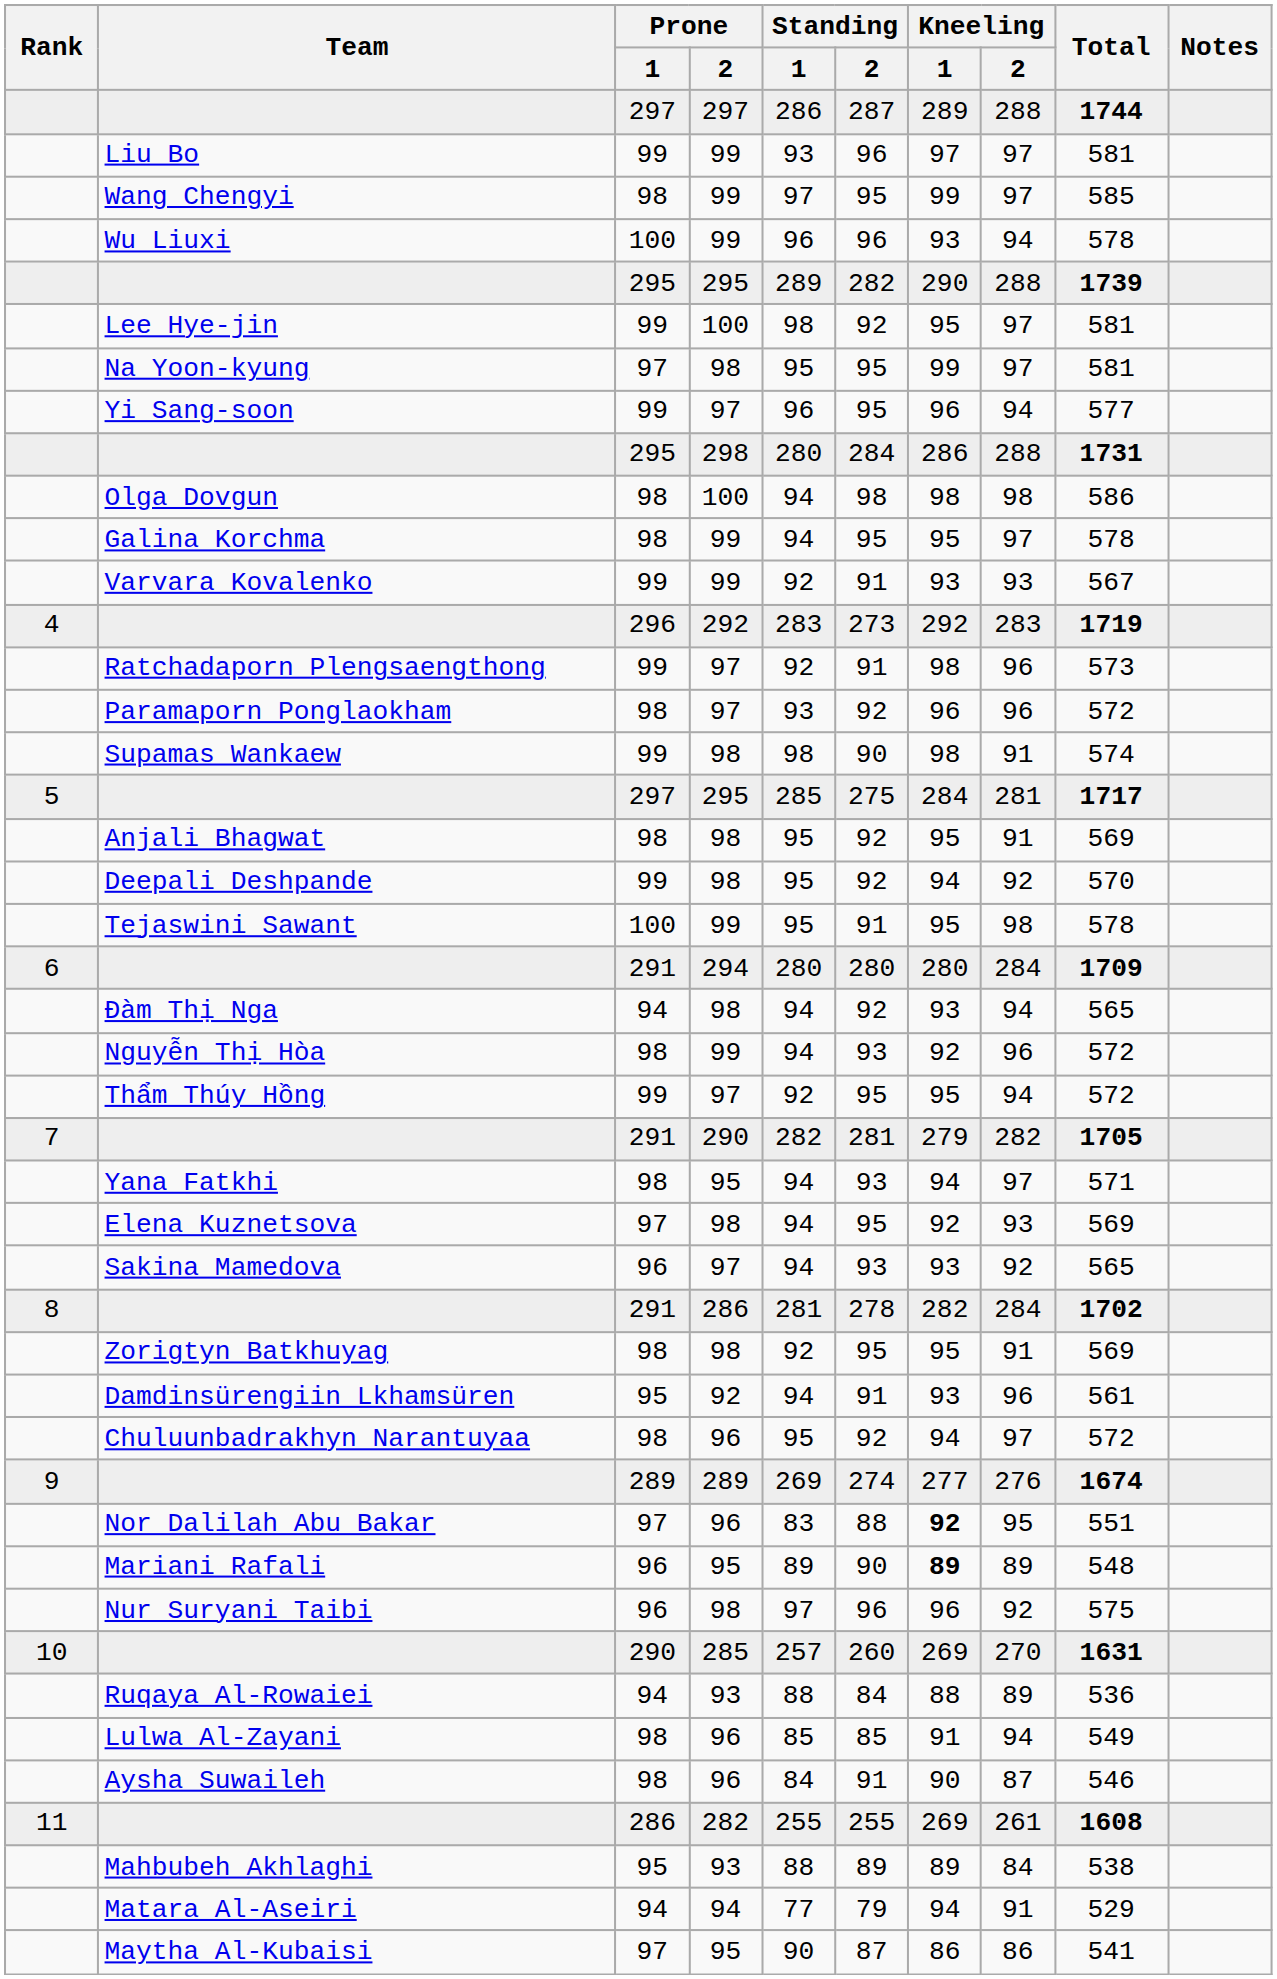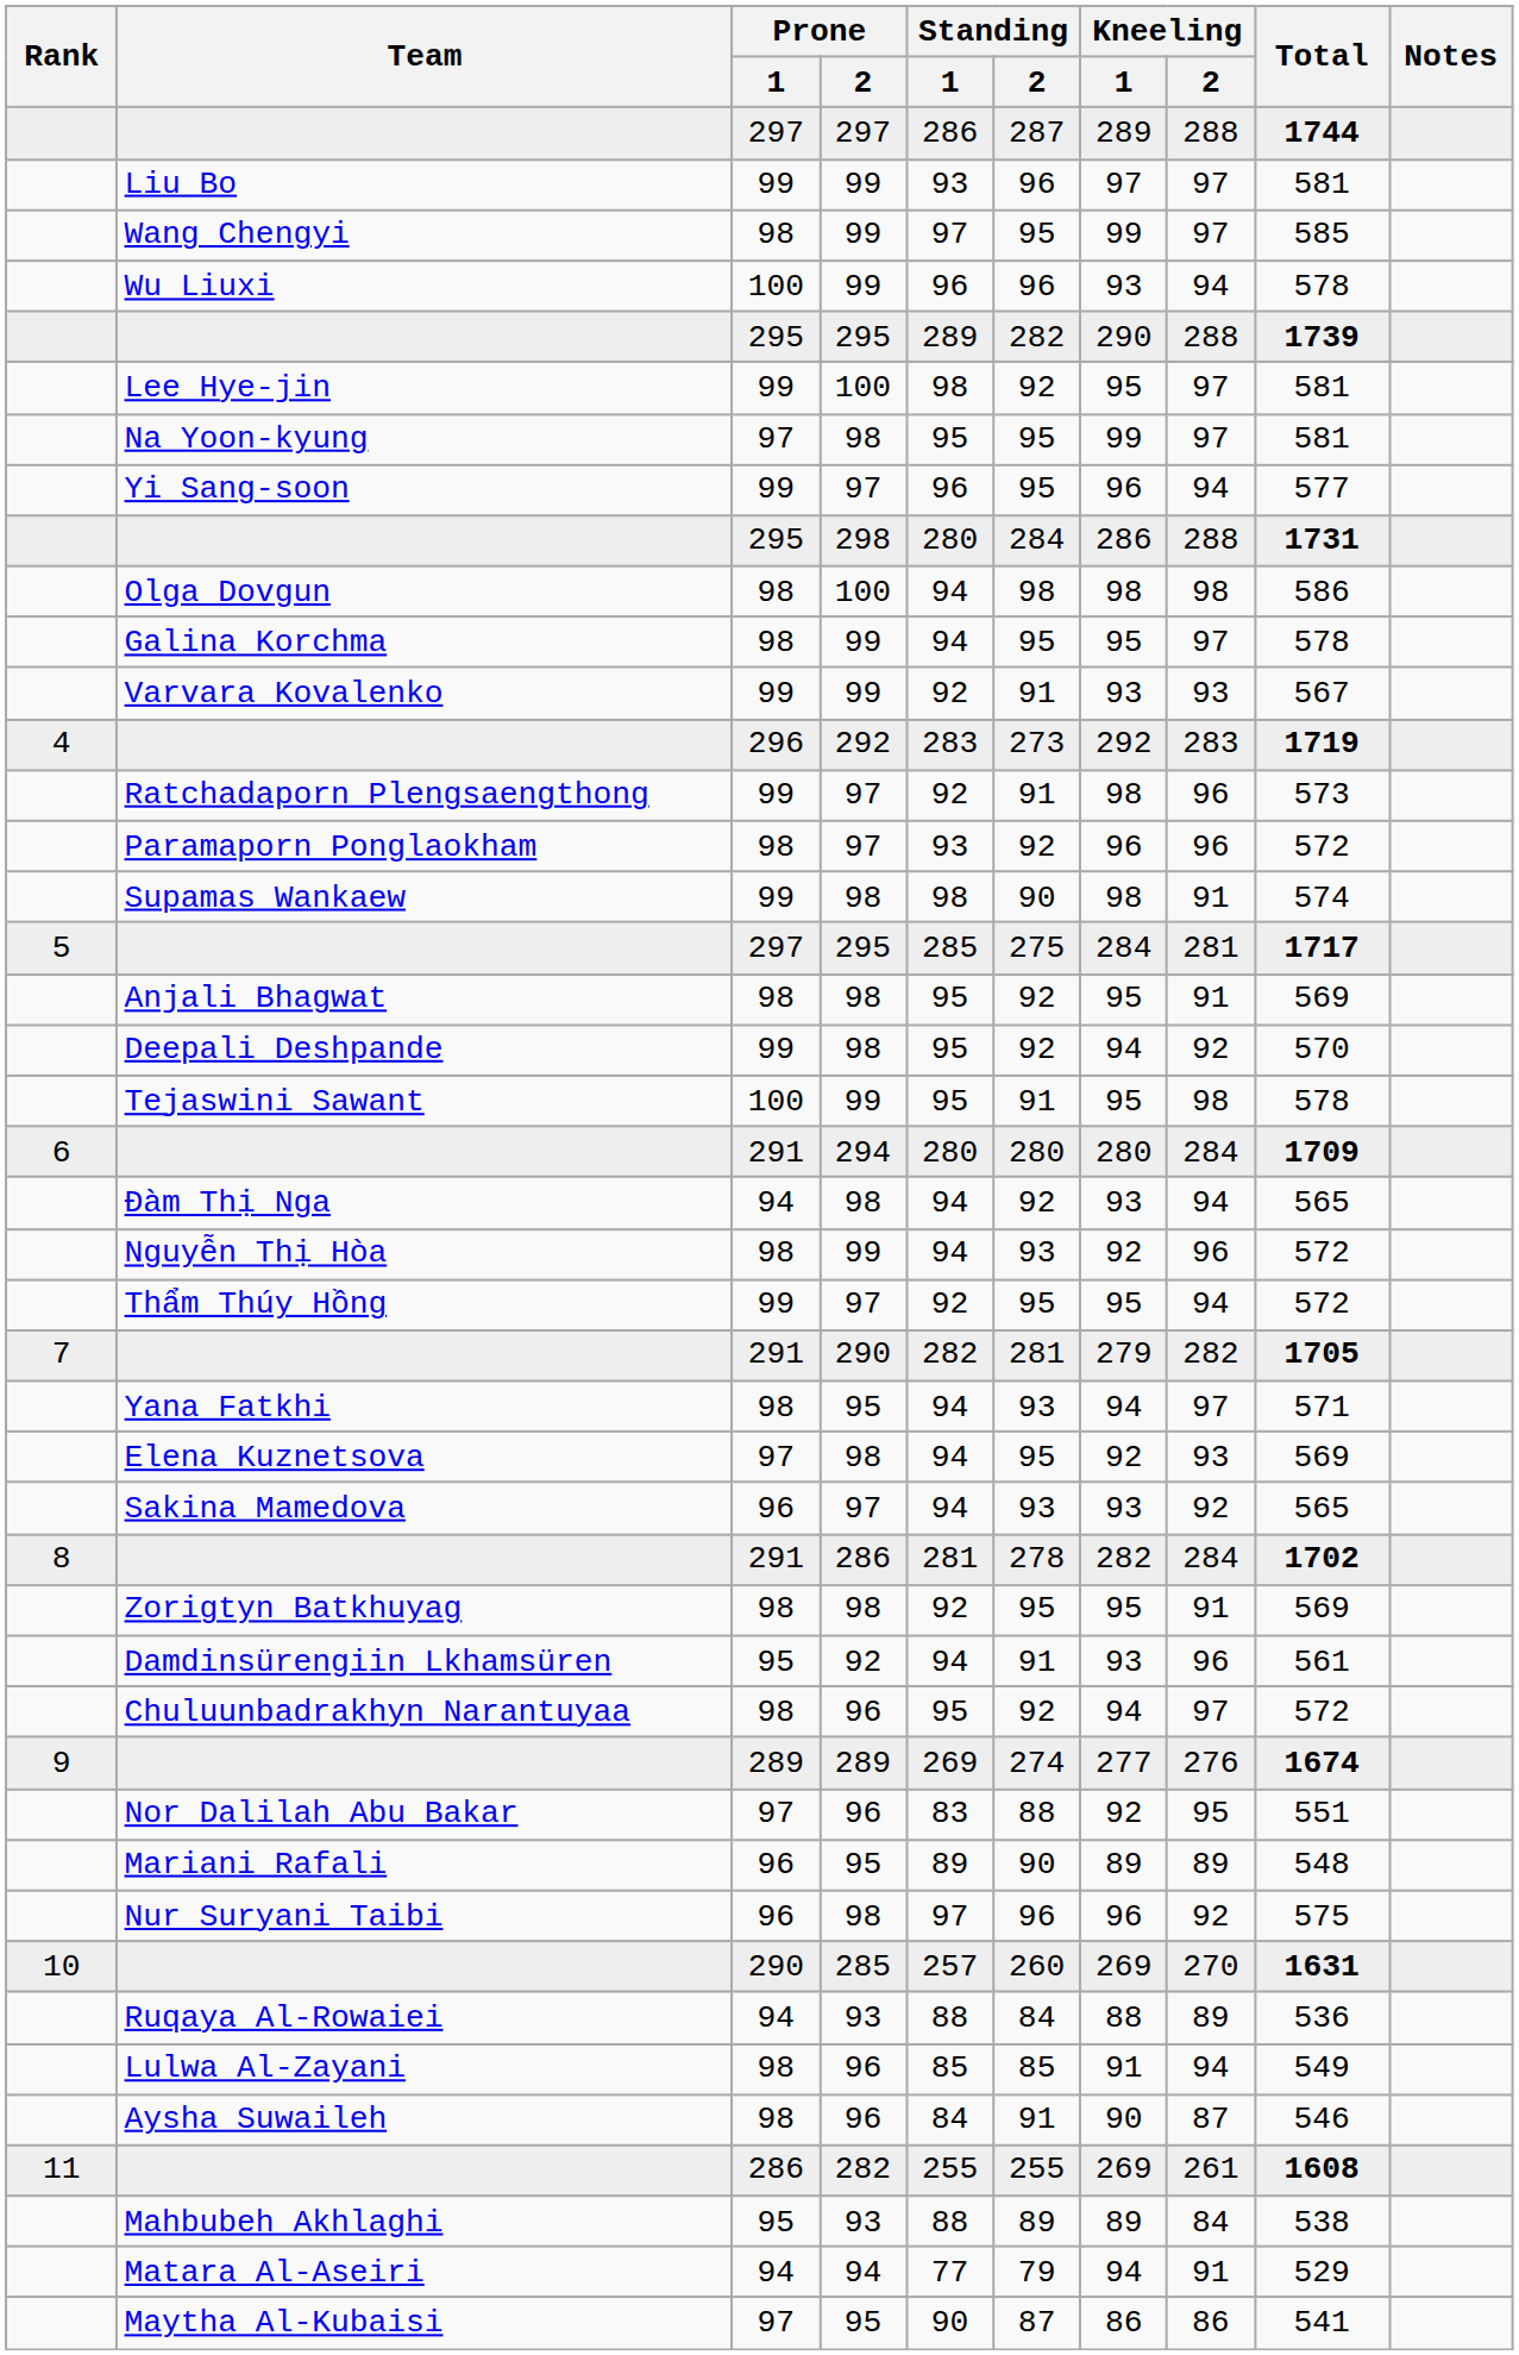 <table class="wikitable" style="text-align:center">
 <tr>
 <th rowspan=2 width=40>Rank</th>
 <th rowspan=2 width=250>Team</th>
 <th colspan=2>Prone</th>
 <th colspan=2>Standing</th>
 <th colspan=2>Kneeling</th>
 <th rowspan=2 width=50>Total</th>
 <th rowspan=2 width=45>Notes</th>
 </tr>
 <tr>
 <th width=30>1</th>
 <th width=30>2</th>
 <th width=30>1</th>
 <th width=30>2</th>
 <th width=30>1</th>
 <th width=30>2</th>
 </tr>
 <tr bgcolor=eeeeee>
 <td></td>
 <td align=left></td>
 <td>297</td>
 <td>297</td>
 <td>286</td>
 <td>287</td>
 <td>289</td>
 <td>288</td>
 <td><strong>1744</strong></td>
 <td></td>
 </tr>
 <tr>
 <td></td>
 <td align=left><a href='#'>Liu Bo</a></td>
 <td>99</td>
 <td>99</td>
 <td>93</td>
 <td>96</td>
 <td>97</td>
 <td>97</td>
 <td>581</td>
 <td></td>
 </tr>
 <tr>
 <td></td>
 <td align=left><a href='#'>Wang Chengyi</a></td>
 <td>98</td>
 <td>99</td>
 <td>97</td>
 <td>95</td>
 <td>99</td>
 <td>97</td>
 <td>585</td>
 <td></td>
 </tr>
 <tr>
 <td></td>
 <td align=left><a href='#'>Wu Liuxi</a></td>
 <td>100</td>
 <td>99</td>
 <td>96</td>
 <td>96</td>
 <td>93</td>
 <td>94</td>
 <td>578</td>
 <td></td>
 </tr>
 <tr bgcolor=eeeeee>
 <td></td>
 <td align=left></td>
 <td>295</td>
 <td>295</td>
 <td>289</td>
 <td>282</td>
 <td>290</td>
 <td>288</td>
 <td><strong>1739</strong></td>
 <td></td>
 </tr>
 <tr>
 <td></td>
 <td align=left><a href='#'>Lee Hye-jin</a></td>
 <td>99</td>
 <td>100</td>
 <td>98</td>
 <td>92</td>
 <td>95</td>
 <td>97</td>
 <td>581</td>
 <td></td>
 </tr>
 <tr>
 <td></td>
 <td align=left><a href='#'>Na Yoon-kyung</a></td>
 <td>97</td>
 <td>98</td>
 <td>95</td>
 <td>95</td>
 <td>99</td>
 <td>97</td>
 <td>581</td>
 <td></td>
 </tr>
 <tr>
 <td></td>
 <td align=left><a href='#'>Yi Sang-soon</a></td>
 <td>99</td>
 <td>97</td>
 <td>96</td>
 <td>95</td>
 <td>96</td>
 <td>94</td>
 <td>577</td>
 <td></td>
 </tr>
 <tr bgcolor=eeeeee>
 <td></td>
 <td align=left></td>
 <td>295</td>
 <td>298</td>
 <td>280</td>
 <td>284</td>
 <td>286</td>
 <td>288</td>
 <td><strong>1731</strong></td>
 <td></td>
 </tr>
 <tr>
 <td></td>
 <td align=left><a href='#'>Olga Dovgun</a></td>
 <td>98</td>
 <td>100</td>
 <td>94</td>
 <td>98</td>
 <td>98</td>
 <td>98</td>
 <td>586</td>
 <td></td>
 </tr>
 <tr>
 <td></td>
 <td align=left><a href='#'>Galina Korchma</a></td>
 <td>98</td>
 <td>99</td>
 <td>94</td>
 <td>95</td>
 <td>95</td>
 <td>97</td>
 <td>578</td>
 <td></td>
 </tr>
 <tr>
 <td></td>
 <td align=left><a href='#'>Varvara Kovalenko</a></td>
 <td>99</td>
 <td>99</td>
 <td>92</td>
 <td>91</td>
 <td>93</td>
 <td>93</td>
 <td>567</td>
 <td></td>
 </tr>
 <tr bgcolor=eeeeee>
 <td>4</td>
 <td align=left></td>
 <td>296</td>
 <td>292</td>
 <td>283</td>
 <td>273</td>
 <td>292</td>
 <td>283</td>
 <td><strong>1719</strong></td>
 <td></td>
 </tr>
 <tr>
 <td></td>
 <td align=left><a href='#'>Ratchadaporn Plengsaengthong</a></td>
 <td>99</td>
 <td>97</td>
 <td>92</td>
 <td>91</td>
 <td>98</td>
 <td>96</td>
 <td>573</td>
 <td></td>
 </tr>
 <tr>
 <td></td>
 <td align=left><a href='#'>Paramaporn Ponglaokham</a></td>
 <td>98</td>
 <td>97</td>
 <td>93</td>
 <td>92</td>
 <td>96</td>
 <td>96</td>
 <td>572</td>
 <td></td>
 </tr>
 <tr>
 <td></td>
 <td align=left><a href='#'>Supamas Wankaew</a></td>
 <td>99</td>
 <td>98</td>
 <td>98</td>
 <td>90</td>
 <td>98</td>
 <td>91</td>
 <td>574</td>
 <td></td>
 </tr>
 <tr bgcolor=eeeeee>
 <td>5</td>
 <td align=left></td>
 <td>297</td>
 <td>295</td>
 <td>285</td>
 <td>275</td>
 <td>284</td>
 <td>281</td>
 <td><strong>1717</strong></td>
 <td></td>
 </tr>
 <tr>
 <td></td>
 <td align=left><a href='#'>Anjali Bhagwat</a></td>
 <td>98</td>
 <td>98</td>
 <td>95</td>
 <td>92</td>
 <td>95</td>
 <td>91</td>
 <td>569</td>
 <td></td>
 </tr>
 <tr>
 <td></td>
 <td align=left><a href='#'>Deepali Deshpande</a></td>
 <td>99</td>
 <td>98</td>
 <td>95</td>
 <td>92</td>
 <td>94</td>
 <td>92</td>
 <td>570</td>
 <td></td>
 </tr>
 <tr>
 <td></td>
 <td align=left><a href='#'>Tejaswini Sawant</a></td>
 <td>100</td>
 <td>99</td>
 <td>95</td>
 <td>91</td>
 <td>95</td>
 <td>98</td>
 <td>578</td>
 <td></td>
 </tr>
 <tr bgcolor=eeeeee>
 <td>6</td>
 <td align=left></td>
 <td>291</td>
 <td>294</td>
 <td>280</td>
 <td>280</td>
 <td>280</td>
 <td>284</td>
 <td><strong>1709</strong></td>
 <td></td>
 </tr>
 <tr>
 <td></td>
 <td align=left><a href='#'>Đàm Thị Nga</a></td>
 <td>94</td>
 <td>98</td>
 <td>94</td>
 <td>92</td>
 <td>93</td>
 <td>94</td>
 <td>565</td>
 <td></td>
 </tr>
 <tr>
 <td></td>
 <td align=left><a href='#'>Nguyễn Thị Hòa</a></td>
 <td>98</td>
 <td>99</td>
 <td>94</td>
 <td>93</td>
 <td>92</td>
 <td>96</td>
 <td>572</td>
 <td></td>
 </tr>
 <tr>
 <td></td>
 <td align=left><a href='#'>Thẩm Thúy Hồng</a></td>
 <td>99</td>
 <td>97</td>
 <td>92</td>
 <td>95</td>
 <td>95</td>
 <td>94</td>
 <td>572</td>
 <td></td>
 </tr>
 <tr bgcolor=eeeeee>
 <td>7</td>
 <td align=left></td>
 <td>291</td>
 <td>290</td>
 <td>282</td>
 <td>281</td>
 <td>279</td>
 <td>282</td>
 <td><strong>1705</strong></td>
 <td></td>
 </tr>
 <tr>
 <td></td>
 <td align=left><a href='#'>Yana Fatkhi</a></td>
 <td>98</td>
 <td>95</td>
 <td>94</td>
 <td>93</td>
 <td>94</td>
 <td>97</td>
 <td>571</td>
 <td></td>
 </tr>
 <tr>
 <td></td>
 <td align=left><a href='#'>Elena Kuznetsova</a></td>
 <td>97</td>
 <td>98</td>
 <td>94</td>
 <td>95</td>
 <td>92</td>
 <td>93</td>
 <td>569</td>
 <td></td>
 </tr>
 <tr>
 <td></td>
 <td align=left><a href='#'>Sakina Mamedova</a></td>
 <td>96</td>
 <td>97</td>
 <td>94</td>
 <td>93</td>
 <td>93</td>
 <td>92</td>
 <td>565</td>
 <td></td>
 </tr>
 <tr bgcolor=eeeeee>
 <td>8</td>
 <td align=left></td>
 <td>291</td>
 <td>286</td>
 <td>281</td>
 <td>278</td>
 <td>282</td>
 <td>284</td>
 <td><strong>1702</strong></td>
 <td></td>
 </tr>
 <tr>
 <td></td>
 <td align=left><a href='#'>Zorigtyn Batkhuyag</a></td>
 <td>98</td>
 <td>98</td>
 <td>92</td>
 <td>95</td>
 <td>95</td>
 <td>91</td>
 <td>569</td>
 <td></td>
 </tr>
 <tr>
 <td></td>
 <td align=left><a href='#'>Damdinsürengiin Lkhamsüren</a></td>
 <td>95</td>
 <td>92</td>
 <td>94</td>
 <td>91</td>
 <td>93</td>
 <td>96</td>
 <td>561</td>
 <td></td>
 </tr>
 <tr>
 <td></td>
 <td align=left><a href='#'>Chuluunbadrakhyn Narantuyaa</a></td>
 <td>98</td>
 <td>96</td>
 <td>95</td>
 <td>92</td>
 <td>94</td>
 <td>97</td>
 <td>572</td>
 <td></td>
 </tr>
 <tr bgcolor=eeeeee>
 <td>9</td>
 <td align=left></td>
 <td>289</td>
 <td>289</td>
 <td>269</td>
 <td>274</td>
 <td>277</td>
 <td>276</td>
 <td><strong>1674</strong></td>
 <td></td>
 </tr>
 <tr>
 <td></td>
 <td align=left><a href='#'>Nor Dalilah Abu Bakar</a></td>
 <td>97</td>
 <td>96</td>
 <td>83</td>
 <td>88</td>
-<td><strong>92</strong></td>
+<td>92</td>
 <td>95</td>
 <td>551</td>
 <td></td>
 </tr>
 <tr>
 <td></td>
 <td align=left><a href='#'>Mariani Rafali</a></td>
 <td>96</td>
 <td>95</td>
 <td>89</td>
 <td>90</td>
-<td><strong>89</strong></td>
+<td>89</td>
 <td>89</td>
 <td>548</td>
 <td></td>
 </tr>
 <tr>
 <td></td>
 <td align=left><a href='#'>Nur Suryani Taibi</a></td>
 <td>96</td>
 <td>98</td>
 <td>97</td>
 <td>96</td>
 <td>96</td>
 <td>92</td>
 <td>575</td>
 <td></td>
 </tr>
 <tr bgcolor=eeeeee>
 <td>10</td>
 <td align=left></td>
 <td>290</td>
 <td>285</td>
 <td>257</td>
 <td>260</td>
 <td>269</td>
 <td>270</td>
 <td><strong>1631</strong></td>
 <td></td>
 </tr>
 <tr>
 <td></td>
 <td align=left><a href='#'>Ruqaya Al-Rowaiei</a></td>
 <td>94</td>
 <td>93</td>
 <td>88</td>
 <td>84</td>
 <td>88</td>
 <td>89</td>
 <td>536</td>
 <td></td>
 </tr>
 <tr>
 <td></td>
 <td align=left><a href='#'>Lulwa Al-Zayani</a></td>
 <td>98</td>
 <td>96</td>
 <td>85</td>
 <td>85</td>
 <td>91</td>
 <td>94</td>
 <td>549</td>
 <td></td>
 </tr>
 <tr>
 <td></td>
 <td align=left><a href='#'>Aysha Suwaileh</a></td>
 <td>98</td>
 <td>96</td>
 <td>84</td>
 <td>91</td>
 <td>90</td>
 <td>87</td>
 <td>546</td>
 <td></td>
 </tr>
 <tr bgcolor=eeeeee>
 <td>11</td>
 <td align=left></td>
 <td>286</td>
 <td>282</td>
 <td>255</td>
 <td>255</td>
 <td>269</td>
 <td>261</td>
 <td><strong>1608</strong></td>
 <td></td>
 </tr>
 <tr>
 <td></td>
 <td align=left><a href='#'>Mahbubeh Akhlaghi</a></td>
 <td>95</td>
 <td>93</td>
 <td>88</td>
 <td>89</td>
 <td>89</td>
 <td>84</td>
 <td>538</td>
 <td></td>
 </tr>
 <tr>
 <td></td>
 <td align=left><a href='#'>Matara Al-Aseiri</a></td>
 <td>94</td>
 <td>94</td>
 <td>77</td>
 <td>79</td>
 <td>94</td>
 <td>91</td>
 <td>529</td>
 <td></td>
 </tr>
 <tr>
 <td></td>
 <td align=left><a href='#'>Maytha Al-Kubaisi</a></td>
 <td>97</td>
 <td>95</td>
 <td>90</td>
 <td>87</td>
 <td>86</td>
 <td>86</td>
 <td>541</td>
 <td></td>
 </tr>
 </table>
